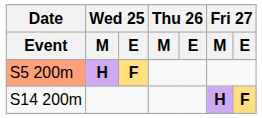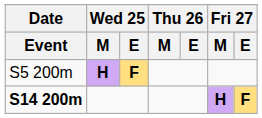 <table class="wikitable" style="margin:0.5em auto; font-size:90%; line-height:1.25em;">
 <tr align="center">
 </tr>
 <tr>
 <th>Date</th>
 <th colspan="2">Wed 25</th>
 <th colspan="2">Thu 26</th>
 <th colspan="2">Fri 27</th>
 </tr>
 <tr>
 <th>Event</th>
 <th>M</th>
 <th>E</th>
 <th>M</th>
 <th>E</th>
 <th>M</th>
 <th>E</th>
 </tr>
 <tr align="center">
-<td align="left" style="background: lightsalmon;">S5 200m</td>
+<td align="left">S5 200m</td>
 <td bgcolor="#D0A9F5"><strong>H</strong></td>
 <td bgcolor="#FFDF80"><strong>F</strong></td>
 <td colspan="2"></td>
 <td colspan="2"></td>
 </tr>
 <tr align="center">
-<td align="left">S14 200m</td>
+<td align="left"><strong>S14 200m</strong></td>
 <td colspan="2"></td>
 <td colspan="2"></td>
 <td bgcolor="#D0A9F5"><strong>H</strong></td>
 <td bgcolor="#FFDF80"><strong>F</strong></td>
 </tr>
 </table>
